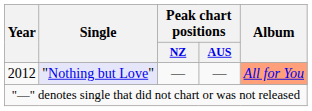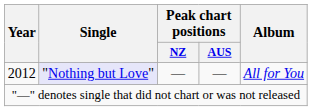 <table class="wikitable" style="text-align:center;">
 <tr>
 <th rowspan="2">Year</th>
 <th rowspan="2">Single</th>
 <th colspan="2">Peak chart positions</th>
 <th rowspan="2">Album</th>
 </tr>
 <tr>
 <th scope="col" style="width:3em;font-size:85%;"><a href='#'>NZ</a></th>
 <th scope="col" style="width:3em;font-size:85%;"><a href='#'>AUS</a></th>
 </tr>
 <tr>
 <td rowspan="1">2012</td>
 <td style="background: lavender; text-align:left;">"<a href='#'>Nothing but Love</a>"</td>
 <td>—</td>
 <td>—</td>
-<td rowspan="1" style="background: lightsalmon;"><em><a href='#'>All for You</a></em></td>
+<td rowspan="1"><em><a href='#'>All for You</a></em></td>
 </tr>
 <tr>
 <td colspan="14" style="font-size:90%">"—" denotes single that did not chart or was not released</td>
 </tr>
 </table>
